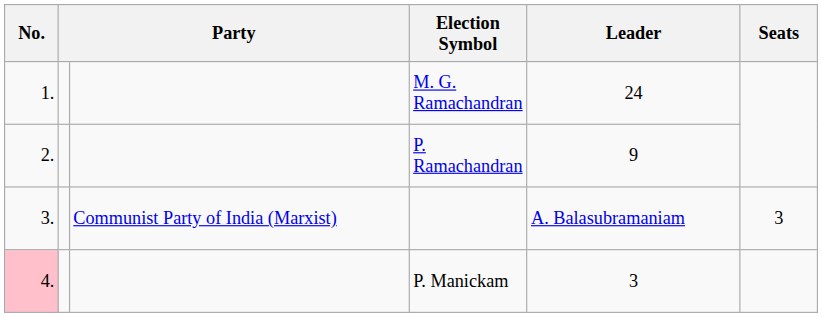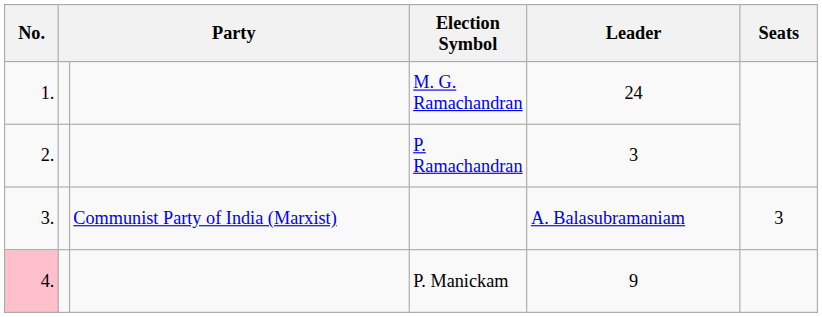 <table class="wikitable">
 <tr style="height: 50px;">
 <th scope="col" style="width:40px;">No.<br></th>
 <th scope="col" style="width:300px;"colspan="2">Party</th>
 <th scope="col" style="width:80px;">Election Symbol</th>
 <th scope="col" style="width:180px;">Leader</th>
 <th scope="col" style="width:60px;">Seats</th>
 </tr>
 <tr style="height: 55px;">
 <td style="text-align:right;">1.</td>
 <td></td>
 <td style="text-align:center;"></td>
 <td><a href='#'>M. G. Ramachandran</a></td>
 <td style="text-align:center;">24</td>
 </tr>
 <tr style="height: 55px;">
 <td style="text-align:right;">2.</td>
 <td></td>
 <td></td>
 <td><a href='#'>P. Ramachandran</a></td>
-<td style="text-align:center;">9</td>
+<td style="text-align:center;">3</td>
 </tr>
 <tr style="height: 55px;">
 <td style="text-align:right;">3.</td>
 <td></td>
 <td><a href='#'>Communist Party of India  (Marxist)</a></td>
 <td style="text-align:center;"></td>
 <td><a href='#'>A. Balasubramaniam</a></td>
 <td style="text-align:center;">3</td>
 </tr>
 <tr style="height: 55px;">
 <td style="background: pink; text-align:right;">4.</td>
 <td></td>
 <td style="text-align:center;"></td>
 <td>P. Manickam</td>
-<td style="text-align:center;">3</td>
+<td style="text-align:center;">9</td>
 </tr>
 </table>
